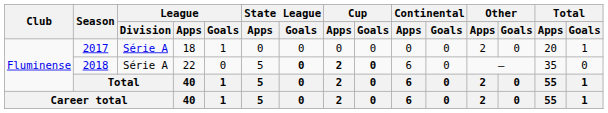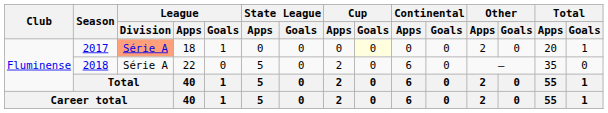 <table class="wikitable" style="text-align: center;">
 <tr>
 <th rowspan="2">Club</th>
 <th rowspan="2">Season</th>
 <th colspan="3">League</th>
 <th colspan="2">State League</th>
 <th colspan="2">Cup</th>
 <th colspan="2">Continental</th>
 <th colspan="2">Other</th>
 <th colspan="2">Total</th>
 </tr>
 <tr>
 <th>Division</th>
 <th>Apps</th>
 <th>Goals</th>
 <th>Apps</th>
 <th>Goals</th>
 <th>Apps</th>
 <th>Goals</th>
 <th>Apps</th>
 <th>Goals</th>
 <th>Apps</th>
 <th>Goals</th>
 <th>Apps</th>
 <th>Goals</th>
 </tr>
 <tr>
 <td rowspan="3" valign="center"><a href='#'>Fluminense</a></td>
 <td><a href='#'>2017</a></td>
-<td rowspan="1"><a href='#'>Série A</a></td>
+<td rowspan="1" style="background: lightsalmon;"><a href='#'>Série A</a></td>
 <td>18</td>
 <td>1</td>
 <td>0</td>
 <td>0</td>
 <td>0</td>
-<td>0</td>
+<td style="background: lightyellow;">0</td>
 <td>0</td>
 <td>0</td>
 <td>2</td>
 <td>0</td>
 <td>20</td>
 <td>1</td>
 </tr>
 <tr>
 <td><a href='#'>2018</a></td>
 <td>Série A</td>
 <td>22</td>
 <td>0</td>
 <td>5</td>
-<td><strong>0</strong></td>
-<td><strong>2</strong></td>
-<td><strong>0</strong></td>
+<td>0</td>
+<td>2</td>
+<td>0</td>
 <td>6</td>
 <td>0</td>
 <td colspan="2">—</td>
 <td>35</td>
 <td>0</td>
 </tr>
 <tr>
 <th colspan="2">Total</th>
 <th>40</th>
 <th>1</th>
 <th>5</th>
 <th>0</th>
 <th>2</th>
 <th>0</th>
 <th>6</th>
 <th>0</th>
 <th>2</th>
 <th>0</th>
 <th>55</th>
 <th>1</th>
 </tr>
 <tr>
 <th colspan="3"><strong>Career total</strong></th>
 <th>40</th>
 <th>1</th>
 <th>5</th>
 <th>0</th>
 <th>2</th>
 <th>0</th>
 <th>6</th>
 <th>0</th>
 <th>2</th>
 <th>0</th>
 <th>55</th>
 <th>1</th>
 </tr>
 </table>
